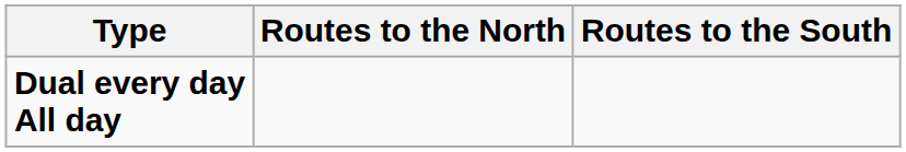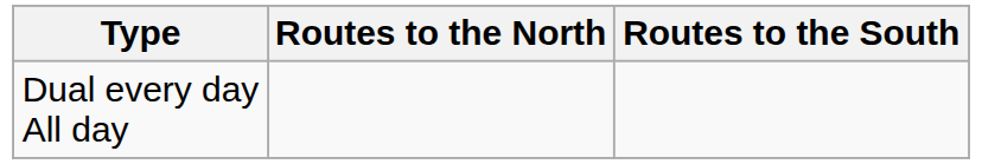 <table class="wikitable" style="margin:1em auto;">
 <tr>
 <th>Type</th>
 <th>Routes to the North</th>
 <th>Routes to the South</th>
 </tr>
 <tr>
-<td><strong>Dual every day <br>All day</strong></td>
+<td>Dual every day <br>All day</td>
 <td></td>
 <td></td>
 </tr>
 </table>
